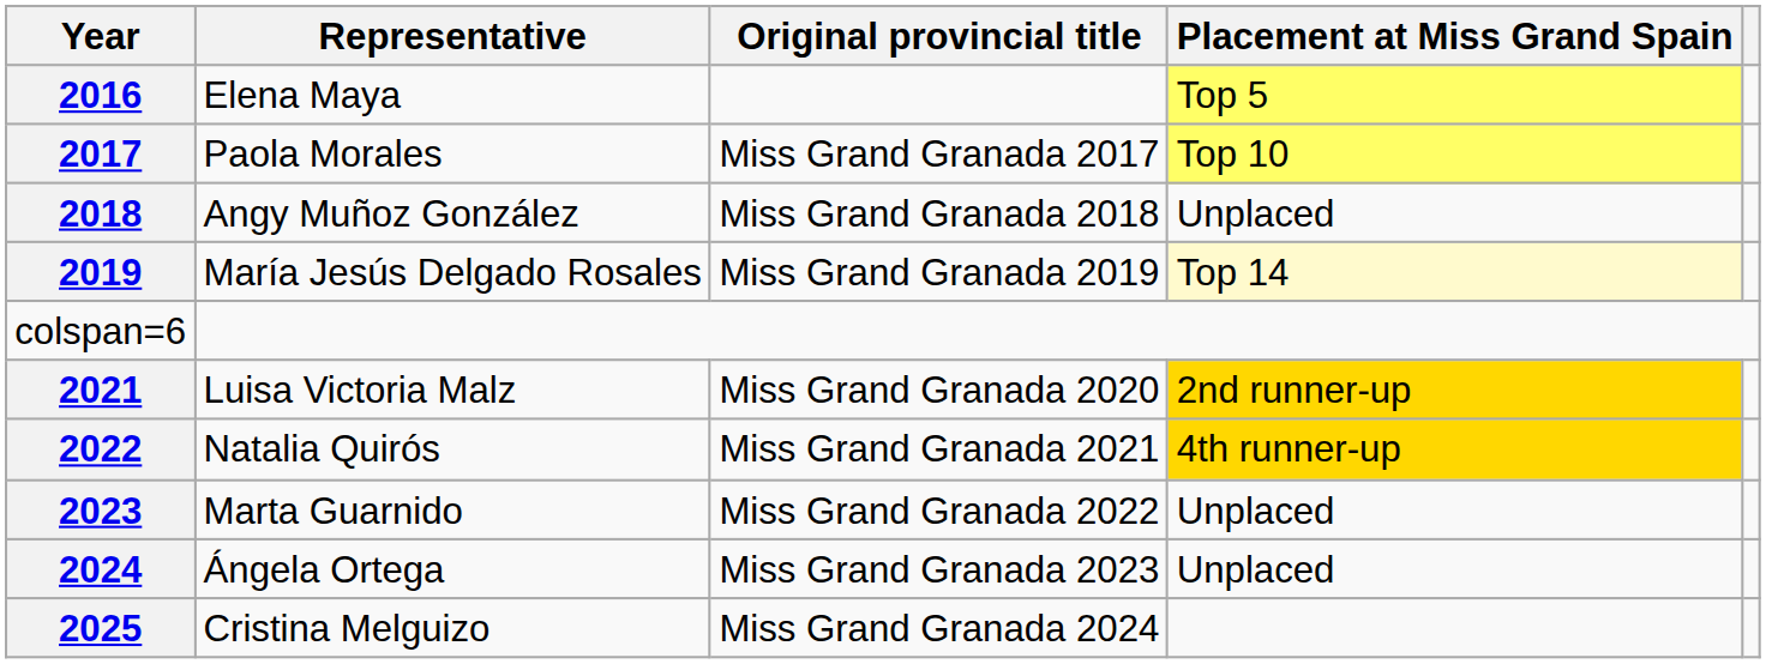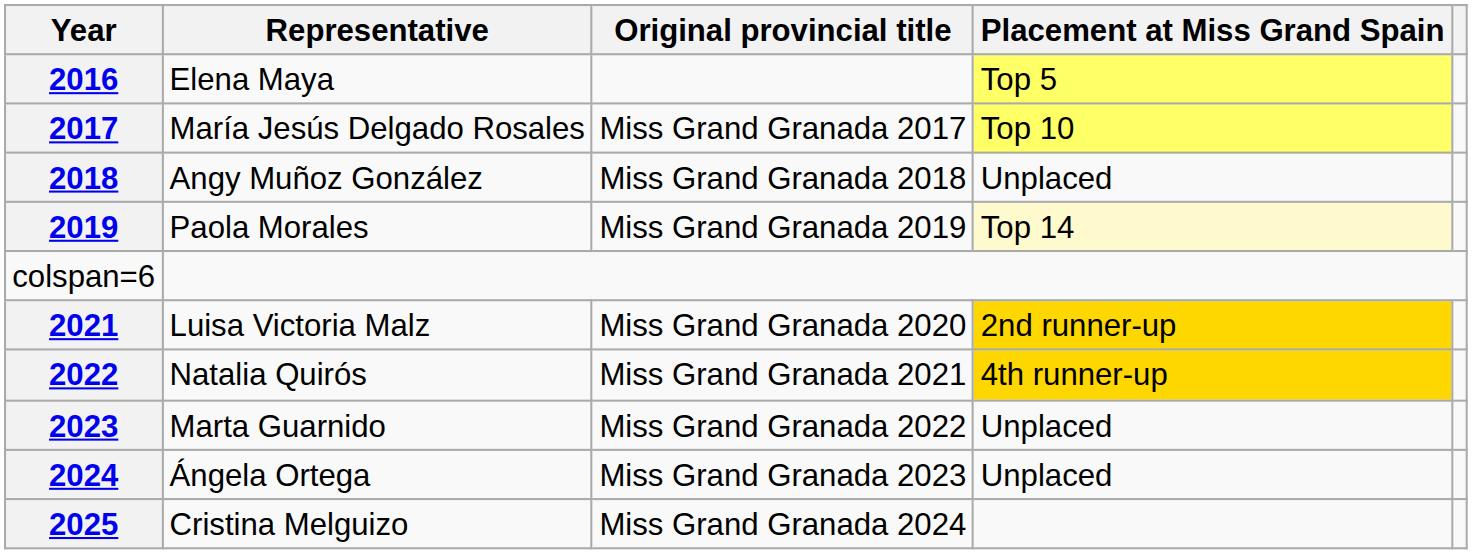 <table class="wikitable defaultcenter col2left" style="font-size:95%;">
 <tr>
 <th>Year</th>
 <th>Representative</th>
 <th>Original provincial title</th>
 <th>Placement at Miss Grand Spain</th>
 <th></th>
 </tr>
 <tr>
 <th><a href='#'>2016</a></th>
 <td>Elena Maya</td>
 <td></td>
 <td bgcolor=#FFFF66>Top 5</td>
 <td></td>
 </tr>
 <tr>
 <th><a href='#'>2017</a></th>
-<td>Paola Morales</td>
+<td>María Jesús Delgado Rosales</td>
 <td>Miss Grand Granada 2017</td>
 <td bgcolor=#FFFF66>Top 10</td>
 <td></td>
 </tr>
 <tr>
 <th><a href='#'>2018</a></th>
 <td>Angy Muñoz González</td>
 <td>Miss Grand Granada 2018</td>
 <td>Unplaced</td>
 <td></td>
 </tr>
 <tr>
 <th><a href='#'>2019</a></th>
-<td>María Jesús Delgado Rosales</td>
+<td>Paola Morales</td>
 <td>Miss Grand Granada 2019</td>
 <td bgcolor=#FFFACD>Top 14</td>
 <td></td>
 </tr>
 <tr>
 <td>colspan=6 </td>
 </tr>
 <tr>
 <th><a href='#'>2021</a></th>
 <td>Luisa Victoria Malz</td>
 <td>Miss Grand Granada 2020</td>
 <td bgcolor=gold>2nd runner-up</td>
 <td></td>
 </tr>
 <tr>
 <th><a href='#'>2022</a></th>
 <td>Natalia Quirós</td>
 <td>Miss Grand Granada 2021</td>
 <td bgcolor=gold>4th runner-up</td>
 <td></td>
 </tr>
 <tr>
 <th><a href='#'>2023</a></th>
 <td>Marta Guarnido</td>
 <td>Miss Grand Granada 2022</td>
 <td>Unplaced</td>
 <td></td>
 </tr>
 <tr>
 <th><a href='#'>2024</a></th>
 <td>Ángela Ortega</td>
 <td>Miss Grand Granada 2023</td>
 <td>Unplaced</td>
 <td></td>
 </tr>
 <tr>
 <th><a href='#'>2025</a></th>
 <td>Cristina Melguizo</td>
 <td>Miss Grand Granada 2024</td>
 <td></td>
 <td></td>
 </tr>
 </table>
